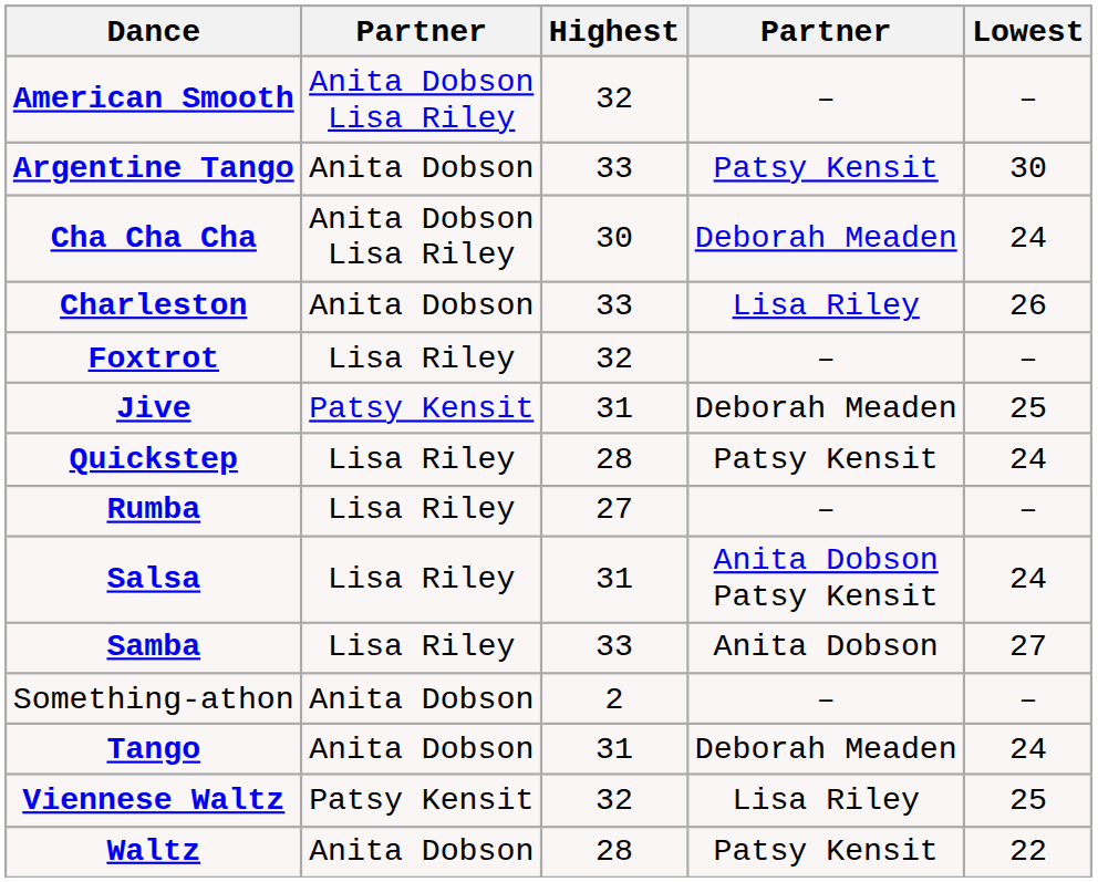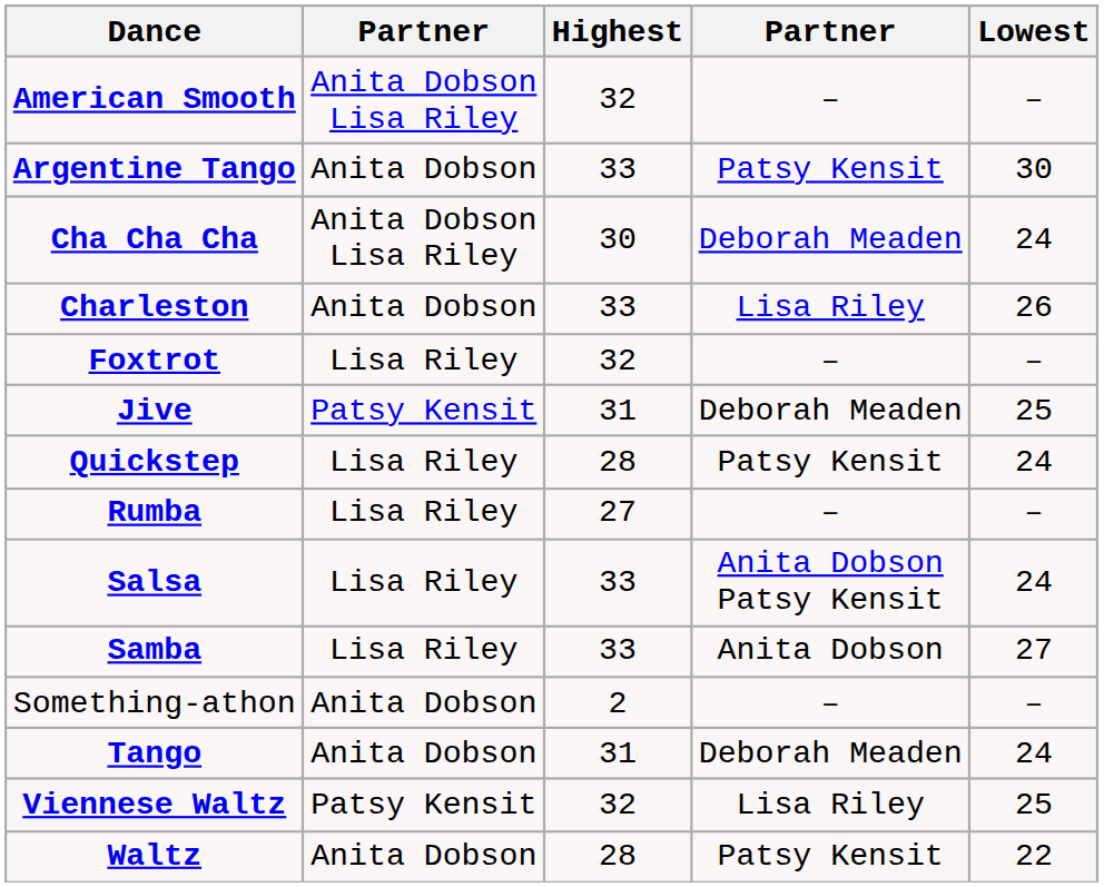 <table class="wikitable sortable collapsed">
 <tr style="text-align:Center; background:#cc;">
 <th>Dance</th>
 <th>Partner</th>
 <th>Highest</th>
 <th>Partner</th>
 <th>Lowest</th>
 </tr>
 <tr style="text-align: center; background:#faf6f6;#">
 <td><strong><a href='#'>American Smooth</a></strong></td>
 <td><a href='#'>Anita Dobson</a><br><a href='#'>Lisa Riley</a></td>
 <td>32</td>
 <td>–</td>
 <td>–</td>
 </tr>
 <tr style="text-align: center; background:#faf6f6;">
 <td><strong><a href='#'>Argentine Tango</a></strong></td>
 <td>Anita Dobson</td>
 <td>33</td>
 <td><a href='#'>Patsy Kensit</a></td>
 <td>30</td>
 </tr>
 <tr style="text-align: center; background:#faf6f6;">
 <td><strong><a href='#'>Cha Cha Cha</a></strong></td>
 <td>Anita Dobson<br>Lisa Riley</td>
 <td>30</td>
 <td><a href='#'>Deborah Meaden</a></td>
 <td>24</td>
 </tr>
 <tr style="text-align: center; background:#faf6f6;">
 <td><strong><a href='#'>Charleston</a></strong></td>
 <td>Anita Dobson</td>
 <td>33</td>
 <td><a href='#'>Lisa Riley</a></td>
 <td>26</td>
 </tr>
 <tr style="text-align: center; background:#faf6f6;">
 <td><strong><a href='#'>Foxtrot</a></strong></td>
 <td>Lisa Riley</td>
 <td>32</td>
 <td>–</td>
 <td>–</td>
 </tr>
 <tr style="text-align: center; background:#faf6f6;">
 <td><strong><a href='#'>Jive</a></strong></td>
 <td><a href='#'>Patsy Kensit</a></td>
 <td>31</td>
 <td>Deborah Meaden</td>
 <td>25</td>
 </tr>
 <tr style="text-align: center; background:#faf6f6;">
 <td><strong><a href='#'>Quickstep</a></strong></td>
 <td>Lisa Riley</td>
 <td>28</td>
 <td>Patsy Kensit</td>
 <td>24</td>
 </tr>
 <tr style="text-align: center; background:#faf6f6;">
 <td><strong><a href='#'>Rumba</a></strong></td>
 <td>Lisa Riley</td>
 <td>27</td>
 <td>–</td>
 <td>–</td>
 </tr>
 <tr style="text-align: center; background:#faf6f6;">
 <td><strong><a href='#'>Salsa</a></strong></td>
 <td>Lisa Riley</td>
-<td>31</td>
+<td>33</td>
 <td><a href='#'>Anita Dobson</a><br>Patsy Kensit</td>
 <td>24</td>
 </tr>
 <tr style="text-align: center; background:#faf6f6;">
 <td><strong><a href='#'>Samba</a></strong></td>
 <td>Lisa Riley</td>
 <td>33</td>
 <td>Anita Dobson</td>
 <td>27</td>
 </tr>
 <tr style="text-align: center; background:#faf6f6;">
 <td>Something-athon</td>
 <td>Anita Dobson</td>
 <td>2</td>
 <td>–</td>
 <td>–</td>
 </tr>
 <tr style="text-align: center; background:#faf6f6;">
 <td><strong><a href='#'>Tango</a></strong></td>
 <td>Anita Dobson</td>
 <td>31</td>
 <td>Deborah Meaden</td>
 <td>24</td>
 </tr>
 <tr style="text-align: center; background:#faf6f6;">
 <td><strong><a href='#'>Viennese Waltz</a></strong></td>
 <td>Patsy Kensit</td>
 <td>32</td>
 <td>Lisa Riley</td>
 <td>25</td>
 </tr>
 <tr style="text-align: center; background:#faf6f6;">
 <td><strong><a href='#'>Waltz</a></strong></td>
 <td>Anita Dobson</td>
 <td>28</td>
 <td>Patsy Kensit</td>
 <td>22</td>
 </tr>
 </table>
